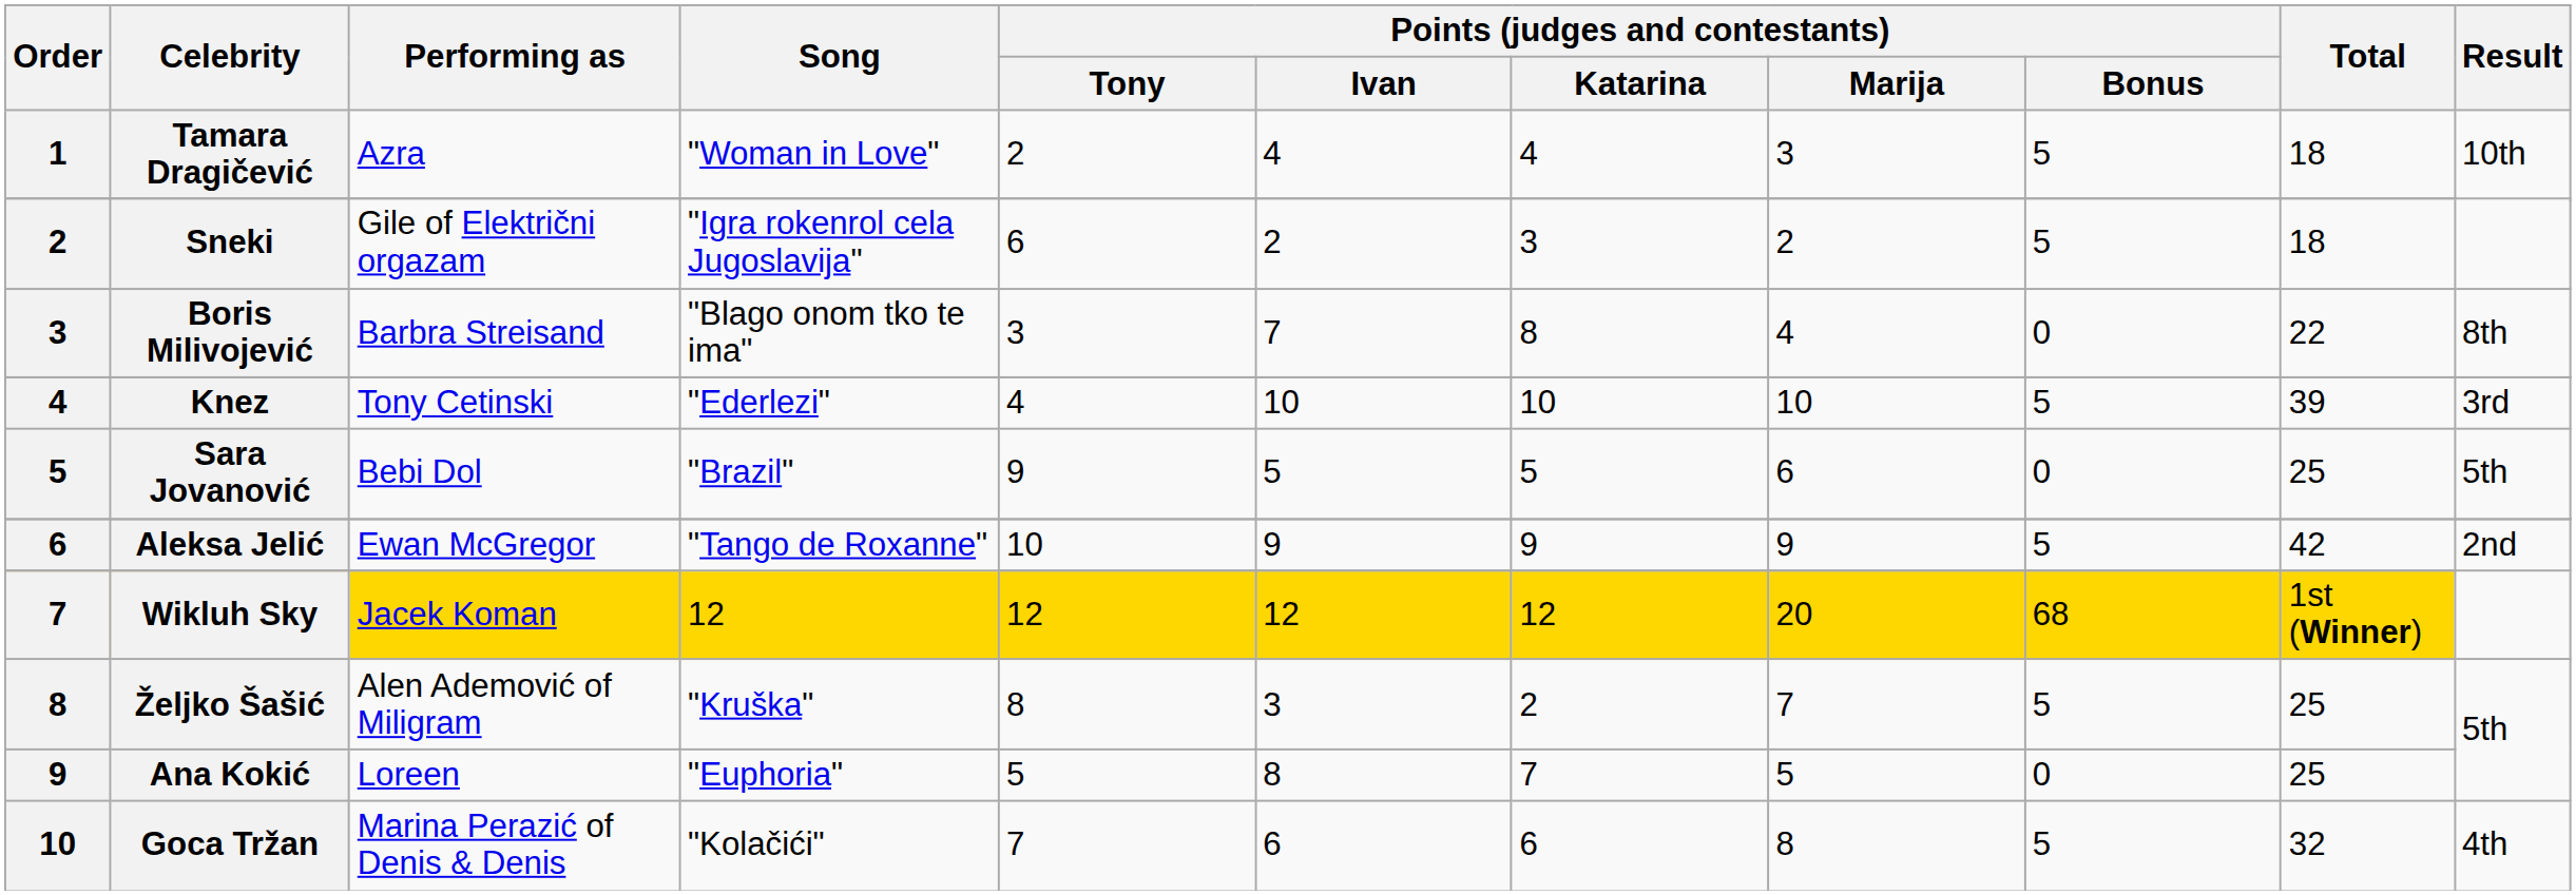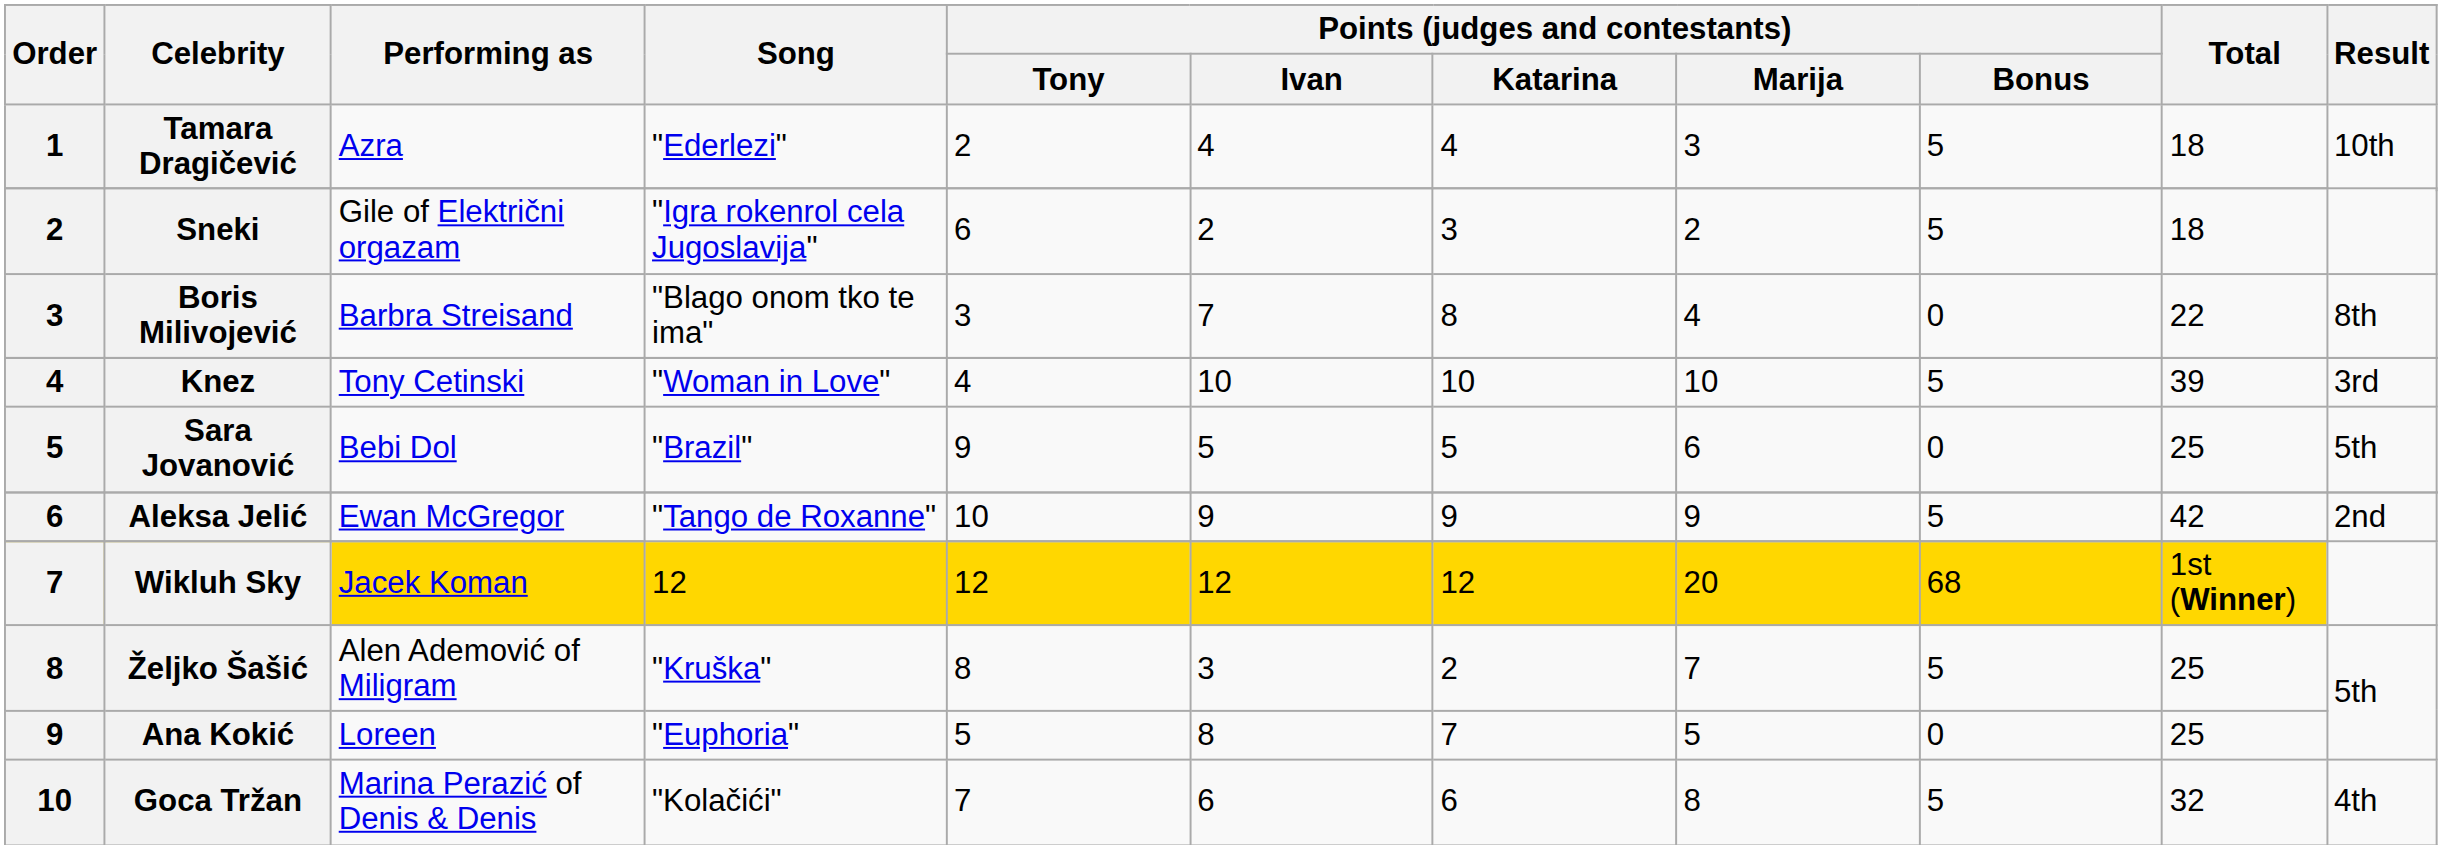 <table class=wikitable>
 <tr>
 <th rowspan="2">Order</th>
 <th rowspan="2">Celebrity</th>
 <th rowspan="2">Performing as</th>
 <th rowspan="2">Song</th>
 <th colspan="5" style="width:50%;">Points (judges and contestants)</th>
 <th rowspan="2">Total</th>
 <th rowspan="2">Result</th>
 </tr>
 <tr>
 <th style="width:10%;">Tony</th>
 <th style="width:10%;">Ivan</th>
 <th style="width:10%;">Katarina</th>
 <th style="width:10%;">Marija</th>
 <th style="width:10%;">Bonus</th>
 </tr>
 <tr>
 <th scope="row">1</th>
 <th scope="row">Tamara Dragičević</th>
 <td><a href='#'>Azra</a> </td>
-<td>"<a href='#'>Woman in Love</a>"</td>
+<td>"<a href='#'>Ederlezi</a>"</td>
 <td>2</td>
 <td>4</td>
 <td>4</td>
 <td>3</td>
 <td>5</td>
 <td>18</td>
 <td rowspan="2">10th</td>
 </tr>
 <tr>
 </tr>
 <tr>
 <th scope="row">2</th>
 <th scope="row">Sneki</th>
 <td>Gile of <a href='#'>Električni orgazam</a></td>
 <td>"<a href='#'>Igra rokenrol cela Jugoslavija</a>"</td>
 <td>6</td>
 <td>2</td>
 <td>3</td>
 <td>2</td>
 <td>5</td>
 <td>18</td>
 </tr>
 <tr>
 <th scope="row">3</th>
 <th scope="row">Boris Milivojević</th>
 <td><a href='#'>Barbra Streisand</a></td>
 <td>"Blago onom tko te ima"</td>
 <td>3</td>
 <td>7</td>
 <td>8</td>
 <td>4</td>
 <td>0</td>
 <td>22</td>
 <td>8th</td>
 </tr>
 <tr>
 </tr>
 <tr -bgcolor="tan">
 <th scope="row">4</th>
 <th scope="row">Knez</th>
 <td><a href='#'>Tony Cetinski</a></td>
-<td>"<a href='#'>Ederlezi</a>"</td>
+<td>"<a href='#'>Woman in Love</a>"</td>
 <td>4</td>
 <td>10</td>
 <td>10</td>
 <td>10</td>
 <td>5</td>
 <td>39</td>
 <td>3rd</td>
 </tr>
 <tr>
 <th scope="row">5</th>
 <th scope="row">Sara Jovanović</th>
 <td><a href='#'>Bebi Dol</a></td>
 <td>"<a href='#'>Brazil</a>"</td>
 <td>9</td>
 <td>5</td>
 <td>5</td>
 <td>6</td>
 <td>0</td>
 <td>25</td>
 <td>5th</td>
 </tr>
 <tr>
 </tr>
 <tr -bgcolor="silver">
 <th scope="row">6</th>
 <th scope="row">Aleksa Jelić</th>
 <td><a href='#'>Ewan McGregor</a></td>
 <td rowspan="2">"<a href='#'>Tango de Roxanne</a>" </td>
 <td>10</td>
 <td>9</td>
 <td>9</td>
 <td>9</td>
 <td>5</td>
 <td>42</td>
 <td>2nd</td>
 </tr>
 <tr>
 </tr>
 <tr bgcolor="gold">
 <th scope="row">7</th>
 <th scope="row">Wikluh Sky</th>
 <td><a href='#'>Jacek Koman</a></td>
 <td>12</td>
 <td>12</td>
 <td>12</td>
 <td>12</td>
 <td>20</td>
 <td>68</td>
 <td>1st (<strong>Winner</strong>)</td>
 </tr>
 <tr>
 <th scope="row">8</th>
 <th scope="row">Željko Šašić</th>
 <td>Alen Ademović of <a href='#'>Miligram</a></td>
 <td>"<a href='#'>Kruška</a>"</td>
 <td>8</td>
 <td>3</td>
 <td>2</td>
 <td>7</td>
 <td>5</td>
 <td>25</td>
 <td rowspan="2">5th</td>
 </tr>
 <tr>
 <th scope="row">9</th>
 <th scope="row">Ana Kokić</th>
 <td><a href='#'>Loreen</a></td>
 <td>"<a href='#'>Euphoria</a>"</td>
 <td>5</td>
 <td>8</td>
 <td>7</td>
 <td>5</td>
 <td>0</td>
 <td>25</td>
 </tr>
 <tr>
 <th scope="row">10</th>
 <th scope="row">Goca Tržan</th>
 <td><a href='#'>Marina Perazić</a> of <a href='#'>Denis & Denis</a></td>
 <td>"Kolačići"</td>
 <td>7</td>
 <td>6</td>
 <td>6</td>
 <td>8</td>
 <td>5</td>
 <td>32</td>
 <td>4th</td>
 </tr>
 </table>
